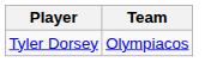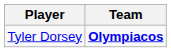 <table class="wikitable">
 <tr>
 <th>Player</th>
 <th>Team</th>
 </tr>
 <tr>
 <td> <a href='#'>Tyler Dorsey</a></td>
-<td><a href='#'>Olympiacos</a></td>
+<td><strong><a href='#'>Olympiacos</a></strong></td>
 </tr>
 </table>
